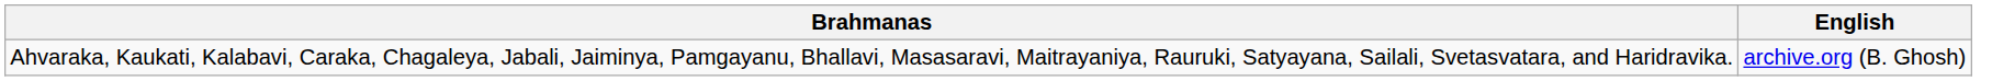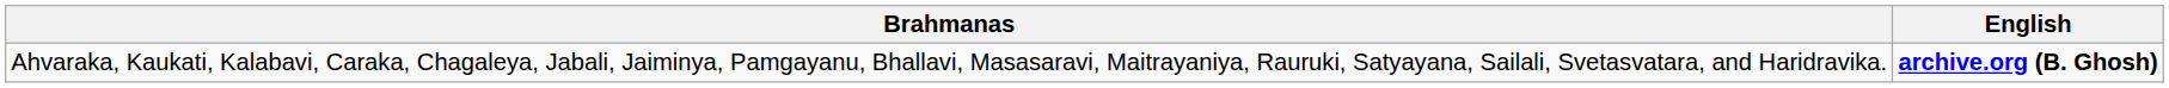 <table class="wikitable">
 <tr>
 <th>Brahmanas</th>
 <th>English</th>
 </tr>
 <tr>
 <td>Ahvaraka, Kaukati, Kalabavi, Caraka, Chagaleya, Jabali, Jaiminya, Pamgayanu, Bhallavi, Masasaravi, Maitrayaniya, Rauruki, Satyayana, Sailali, Svetasvatara, and Haridravika.</td>
-<td><a href='#'>archive.org</a> (B. Ghosh)</td>
+<td><strong><a href='#'>archive.org</a> (B. Ghosh)</strong></td>
 </tr>
 </table>
